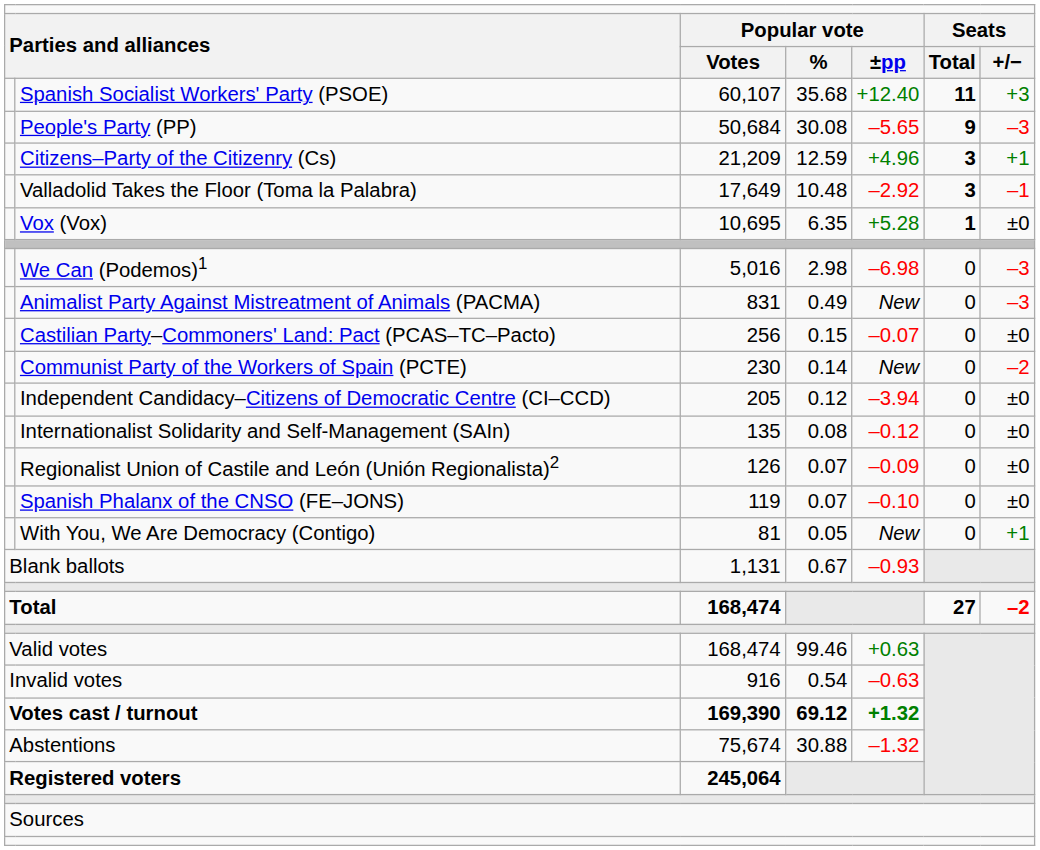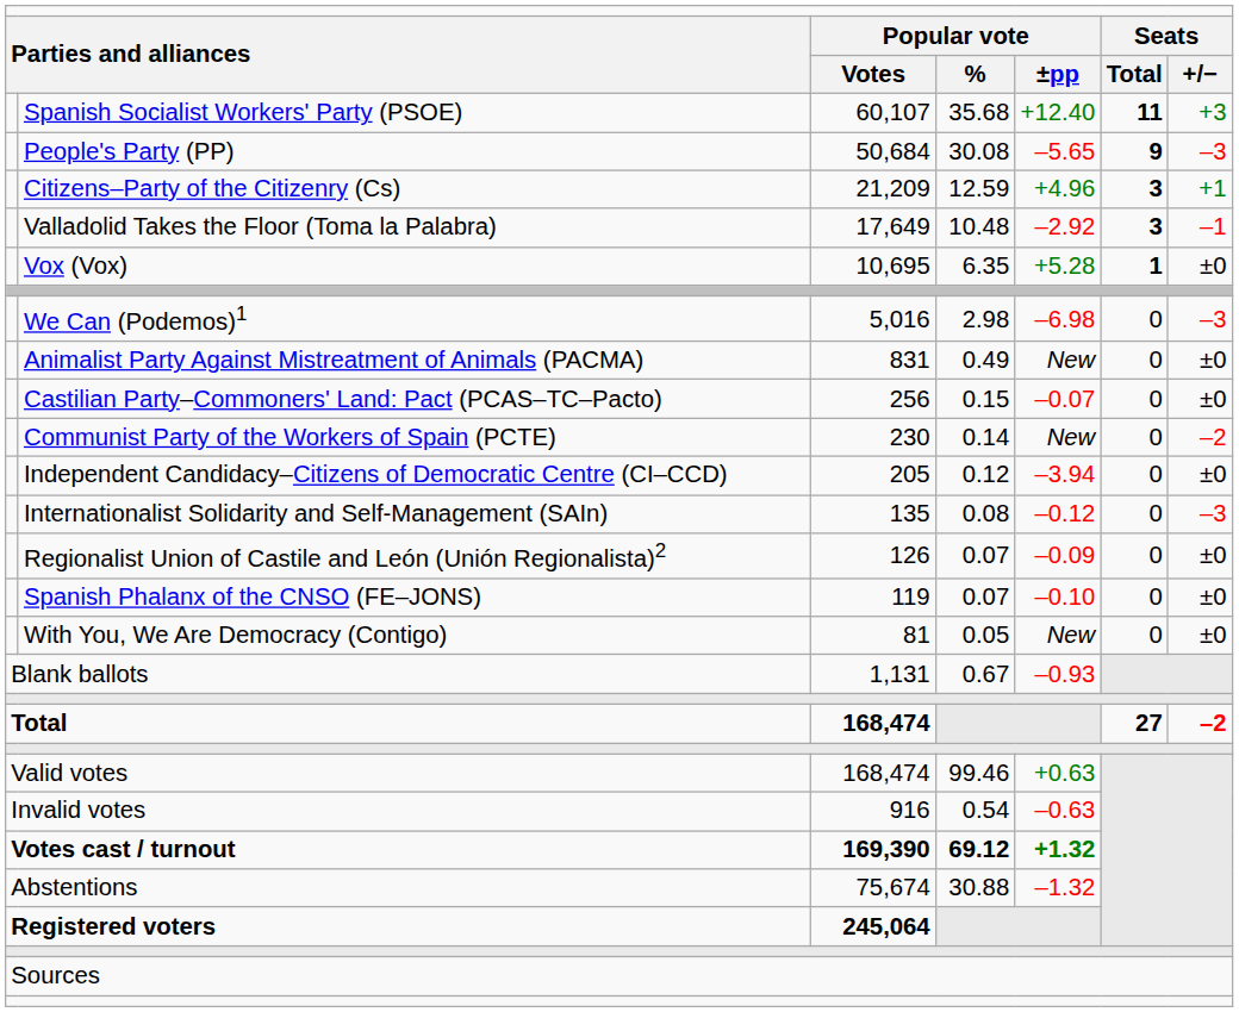 <table class="wikitable" style="text-align:right;">
 <tr>
 <td colspan="7"></td>
 </tr>
 <tr>
 <th style="text-align:left;" rowspan="2" colspan="2" width="525">Parties and alliances</th>
 <th colspan="3">Popular vote</th>
 <th colspan="2">Seats</th>
 </tr>
 <tr>
 <th width="75">Votes</th>
 <th width="45">%</th>
 <th width="45">±<a href='#'>pp</a></th>
 <th width="35">Total</th>
 <th width="35">+/−</th>
 </tr>
 <tr>
 <td width="1" style="color:inherit;background:"></td>
 <td align="left"><a href='#'>Spanish Socialist Workers' Party</a> (PSOE)</td>
 <td>60,107</td>
 <td>35.68</td>
 <td style="color:green;">+12.40</td>
 <td><strong>11</strong></td>
 <td style="color:green;">+3</td>
 </tr>
 <tr>
 <td style="color:inherit;background:"></td>
 <td align="left"><a href='#'>People's Party</a> (PP)</td>
 <td>50,684</td>
 <td>30.08</td>
 <td style="color:red;">–5.65</td>
 <td><strong>9</strong></td>
 <td style="color:red;">–3</td>
 </tr>
 <tr>
 <td style="color:inherit;background:"></td>
 <td align="left"><a href='#'>Citizens–Party of the Citizenry</a> (Cs)</td>
 <td>21,209</td>
 <td>12.59</td>
 <td style="color:green;">+4.96</td>
 <td><strong>3</strong></td>
 <td style="color:green;">+1</td>
 </tr>
 <tr>
 <td style="color:inherit;background:"></td>
 <td align="left">Valladolid Takes the Floor (Toma la Palabra)</td>
 <td>17,649</td>
 <td>10.48</td>
 <td style="color:red;">–2.92</td>
 <td><strong>3</strong></td>
 <td style="color:red;">–1</td>
 </tr>
 <tr>
 <td style="color:inherit;background:"></td>
 <td align="left"><a href='#'>Vox</a> (Vox)</td>
 <td>10,695</td>
 <td>6.35</td>
 <td style="color:green;">+5.28</td>
 <td><strong>1</strong></td>
 <td>±0</td>
 </tr>
 <tr>
 <td colspan="7" bgcolor="#C0C0C0"></td>
 </tr>
 <tr>
 <td style="color:inherit;background:"></td>
 <td align="left"><a href='#'>We Can</a> (Podemos)<sup>1</sup></td>
 <td>5,016</td>
 <td>2.98</td>
 <td style="color:red;">–6.98</td>
 <td>0</td>
 <td style="color:red;">–3</td>
 </tr>
 <tr>
 <td style="color:inherit;background:"></td>
 <td align="left"><a href='#'>Animalist Party Against Mistreatment of Animals</a> (PACMA)</td>
 <td>831</td>
 <td>0.49</td>
 <td><em>New</em></td>
 <td>0</td>
-<td style="color:red;">–3</td>
+<td>±0</td>
 </tr>
 <tr>
 <td style="color:inherit;background:"></td>
 <td align="left"><a href='#'>Castilian Party</a>–<a href='#'>Commoners' Land: Pact</a> (PCAS–TC–Pacto)</td>
 <td>256</td>
 <td>0.15</td>
 <td style="color:red;">–0.07</td>
 <td>0</td>
 <td>±0</td>
 </tr>
 <tr>
 <td style="color:inherit;background:"></td>
 <td align="left"><a href='#'>Communist Party of the Workers of Spain</a> (PCTE)</td>
 <td>230</td>
 <td>0.14</td>
 <td><em>New</em></td>
 <td>0</td>
 <td style="color:red;">–2</td>
 </tr>
 <tr>
 <td style="color:inherit;background:"></td>
 <td align="left">Independent Candidacy–<a href='#'>Citizens of Democratic Centre</a> (CI–CCD)</td>
 <td>205</td>
 <td>0.12</td>
 <td style="color:red;">–3.94</td>
 <td>0</td>
 <td>±0</td>
 </tr>
 <tr>
 <td style="color:inherit;background:"></td>
 <td align="left">Internationalist Solidarity and Self-Management (SAIn)</td>
 <td>135</td>
 <td>0.08</td>
 <td style="color:red;">–0.12</td>
 <td>0</td>
-<td>±0</td>
+<td style="color:red;">–3</td>
 </tr>
 <tr>
 <td style="color:inherit;background:"></td>
 <td align="left">Regionalist Union of Castile and León (Unión Regionalista)<sup>2</sup></td>
 <td>126</td>
 <td>0.07</td>
 <td style="color:red;">–0.09</td>
 <td>0</td>
 <td>±0</td>
 </tr>
 <tr>
 <td style="color:inherit;background:"></td>
 <td align="left"><a href='#'>Spanish Phalanx of the CNSO</a> (FE–JONS)</td>
 <td>119</td>
 <td>0.07</td>
 <td style="color:red;">–0.10</td>
 <td>0</td>
 <td>±0</td>
 </tr>
 <tr>
 <td style="color:inherit;background:"></td>
 <td align="left">With You, We Are Democracy (Contigo)</td>
 <td>81</td>
 <td>0.05</td>
 <td><em>New</em></td>
 <td>0</td>
-<td style="color:green;">+1</td>
+<td>±0</td>
 </tr>
 <tr>
 <td align="left" colspan="2">Blank ballots</td>
 <td>1,131</td>
 <td>0.67</td>
 <td style="color:red;">–0.93</td>
 <td bgcolor="#E9E9E9" colspan="2"></td>
 </tr>
 <tr>
 <td colspan="7" bgcolor="#E9E9E9"></td>
 </tr>
 <tr style="font-weight:bold;">
 <td align="left" colspan="2">Total</td>
 <td>168,474</td>
 <td bgcolor="#E9E9E9" colspan="2"></td>
 <td>27</td>
 <td style="color:red;">–2</td>
 </tr>
 <tr>
 <td colspan="7" bgcolor="#E9E9E9"></td>
 </tr>
 <tr>
 <td align="left" colspan="2">Valid votes</td>
 <td>168,474</td>
 <td>99.46</td>
 <td style="color:green;">+0.63</td>
 <td bgcolor="#E9E9E9" colspan="2" rowspan="5"></td>
 </tr>
 <tr>
 <td align="left" colspan="2">Invalid votes</td>
 <td>916</td>
 <td>0.54</td>
 <td style="color:red;">–0.63</td>
 </tr>
 <tr style="font-weight:bold;">
 <td align="left" colspan="2">Votes cast / turnout</td>
 <td>169,390</td>
 <td>69.12</td>
 <td style="color:green;">+1.32</td>
 </tr>
 <tr>
 <td align="left" colspan="2">Abstentions</td>
 <td>75,674</td>
 <td>30.88</td>
 <td style="color:red;">–1.32</td>
 </tr>
 <tr style="font-weight:bold;">
 <td align="left" colspan="2">Registered voters</td>
 <td>245,064</td>
 <td bgcolor="#E9E9E9" colspan="2"></td>
 </tr>
 <tr>
 <td colspan="7" bgcolor="#E9E9E9"></td>
 </tr>
 <tr>
 <td align="left" colspan="7">Sources</td>
 </tr>
 <tr>
 <td colspan="7" style="text-align:left; max-width:790px;"></td>
 </tr>
 </table>
